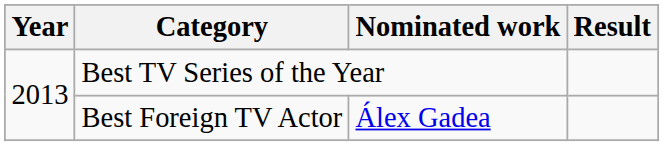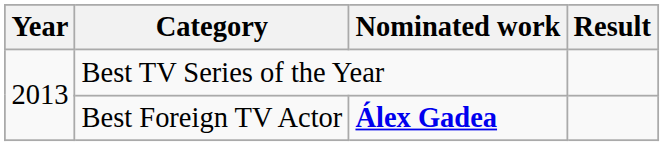 <table class="wikitable">
 <tr>
 <th><strong>Year</strong></th>
 <th><strong>Category</strong></th>
 <th><strong>Nominated work</strong></th>
 <th><strong>Result</strong></th>
 </tr>
 <tr>
 <td rowspan=2>2013</td>
 <td colspan=2>Best TV Series of the Year</td>
 <td></td>
 </tr>
 <tr>
 <td>Best Foreign TV Actor</td>
-<td><a href='#'>Álex Gadea</a></td>
+<td><strong><a href='#'>Álex Gadea</a></strong></td>
 <td></td>
 </tr>
 </table>
